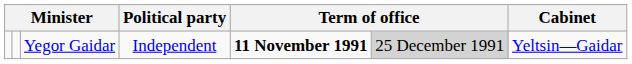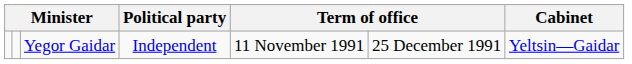 <table class="wikitable" style="text-align:center;">
 <tr>
 <th colspan=3>Minister</th>
 <th>Political party</th>
 <th colspan=2>Term of office</th>
 <th>Cabinet</th>
 </tr>
 <tr>
 <td style="background: "></td>
 <td></td>
 <td><a href='#'>Yegor Gaidar</a></td>
 <td><a href='#'>Independent</a></td>
-<td><strong>11 November 1991</strong></td>
-<td style="background: lightgrey;">25 December 1991</td>
+<td>11 November 1991</td>
+<td>25 December 1991</td>
 <td><a href='#'>Yeltsin—Gaidar</a></td>
 </tr>
 </table>
